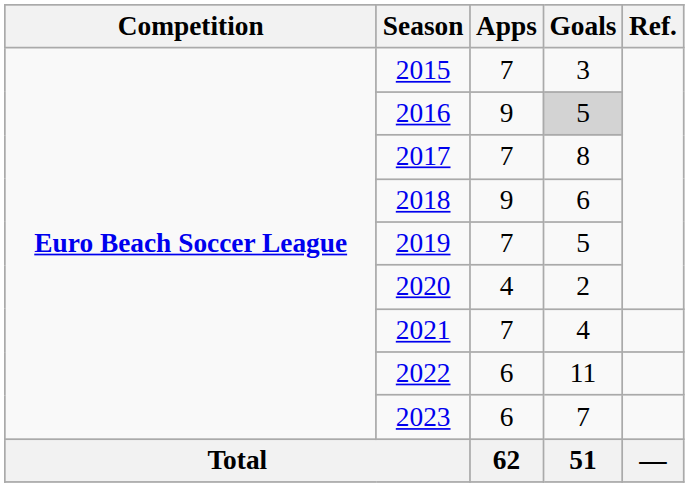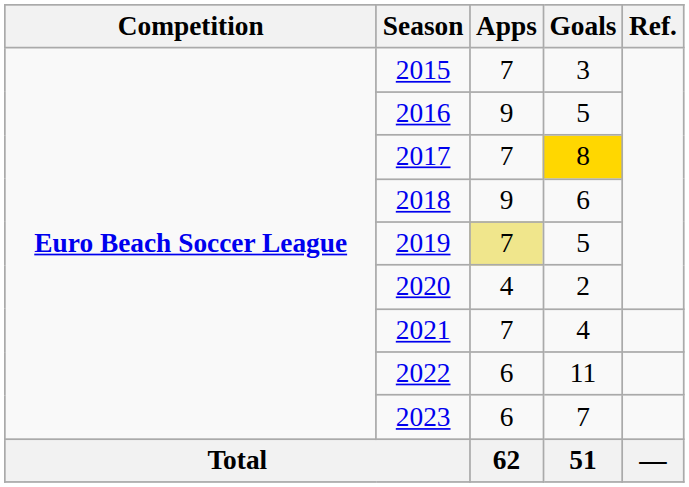 <table class="wikitable" style="text-align:center;">
 <tr>
 <th>Competition</th>
 <th>Season</th>
 <th>Apps</th>
 <th>Goals</th>
 <th>Ref.</th>
 </tr>
 <tr>
 <td rowspan="9" width=210><strong><a href='#'>Euro Beach Soccer League</a></strong></td>
 <td><a href='#'>2015</a></td>
 <td>7</td>
 <td>3</td>
 <td rowspan=6></td>
 </tr>
 <tr>
 <td><a href='#'>2016</a></td>
 <td>9</td>
-<td style="background: lightgrey;">5</td>
+<td>5</td>
 </tr>
 <tr>
 <td><a href='#'>2017</a></td>
 <td>7</td>
-<td>8</td>
+<td style="background: gold;">8</td>
 </tr>
 <tr>
 <td><a href='#'>2018</a></td>
 <td>9</td>
 <td>6</td>
 </tr>
 <tr>
 <td><a href='#'>2019</a></td>
-<td>7</td>
+<td style="background: khaki;">7</td>
 <td>5</td>
 </tr>
 <tr>
 <td><a href='#'>2020</a></td>
 <td>4</td>
 <td>2</td>
 </tr>
 <tr>
 <td><a href='#'>2021</a></td>
 <td>7</td>
 <td>4</td>
 <td></td>
 </tr>
 <tr>
 <td><a href='#'>2022</a></td>
 <td>6</td>
 <td>11</td>
 <td></td>
 </tr>
 <tr>
 <td><a href='#'>2023</a></td>
 <td>6</td>
 <td>7</td>
 <td></td>
 </tr>
 <tr>
 <th colspan=2>Total</th>
 <th>62</th>
 <th>51</th>
 <th>—</th>
 </tr>
 </table>
